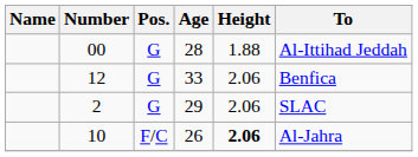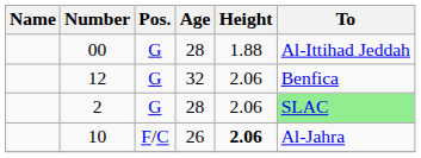 <table class="wikitable sortable sortable" style="text-align: center">
 <tr align=center>
 <th>Name</th>
 <th>Number</th>
 <th>Pos.</th>
 <th>Age</th>
 <th>Height</th>
 <th>To</th>
 </tr>
 <tr>
 <td></td>
 <td>00</td>
 <td><a href='#'>G</a></td>
 <td>28</td>
 <td>1.88</td>
 <td align=left> <a href='#'>Al-Ittihad Jeddah</a></td>
 </tr>
 <tr>
 <td></td>
 <td>12</td>
 <td><a href='#'>G</a></td>
-<td>33</td>
+<td>32</td>
 <td>2.06</td>
 <td align=left> <a href='#'>Benfica</a></td>
 </tr>
 <tr>
 <td></td>
 <td>2</td>
 <td><a href='#'>G</a></td>
-<td>29</td>
+<td>28</td>
 <td>2.06</td>
-<td align=left> <a href='#'>SLAC</a></td>
+<td align=left style="background: lightgreen;"> <a href='#'>SLAC</a></td>
 </tr>
 <tr>
 <td></td>
 <td>10</td>
 <td><a href='#'>F</a>/<a href='#'>C</a></td>
 <td>26</td>
 <td><strong>2.06</strong></td>
 <td align=left> <a href='#'>Al-Jahra</a></td>
 </tr>
 <tr>
 </tr>
 </table>
